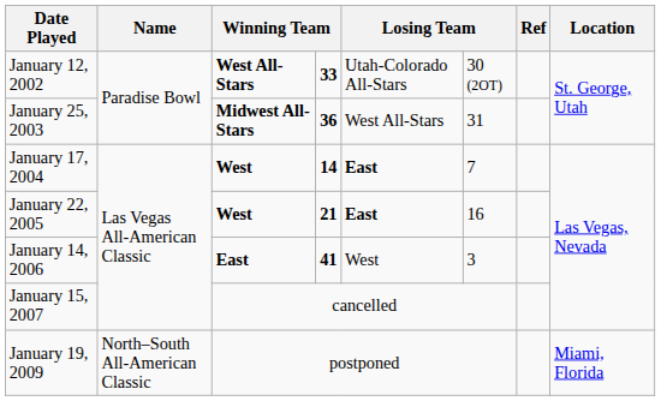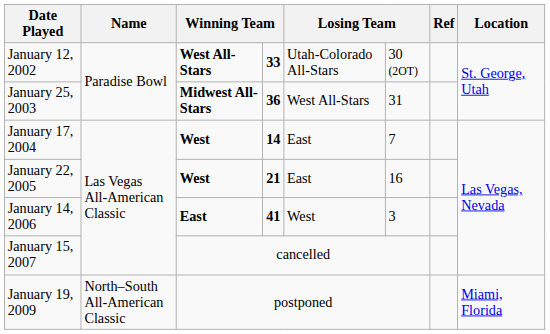 <table class="wikitable">
 <tr>
 <th>Date Played</th>
 <th>Name</th>
 <th colspan="2">Winning Team</th>
 <th colspan="2">Losing Team</th>
 <th>Ref</th>
 <th>Location</th>
 </tr>
 <tr>
 <td>January 12, 2002</td>
 <td rowspan=2>Paradise Bowl</td>
 <td><strong>West All-Stars</strong></td>
 <td><strong>33</strong></td>
 <td>Utah-Colorado All-Stars</td>
 <td>30 <small>(2OT)</small></td>
 <td></td>
 <td rowspan=2><a href='#'>St. George, Utah</a></td>
 </tr>
 <tr>
 <td>January 25, 2003</td>
 <td><strong>Midwest All-Stars</strong></td>
 <td><strong>36</strong></td>
 <td>West All-Stars</td>
 <td>31</td>
 <td></td>
 </tr>
 <tr>
 <td>January 17, 2004</td>
 <td rowspan=4>Las Vegas<br> All-American Classic</td>
 <td><strong>West</strong></td>
 <td><strong>14</strong></td>
-<td><strong>East</strong></td>
+<td>East</td>
 <td>7</td>
 <td></td>
 <td rowspan=4><a href='#'>Las Vegas, Nevada</a></td>
 </tr>
 <tr>
 <td>January 22, 2005</td>
 <td><strong>West</strong></td>
 <td><strong>21</strong></td>
-<td><strong>East</strong></td>
+<td>East</td>
 <td>16</td>
 <td></td>
 </tr>
 <tr>
 <td>January 14, 2006</td>
 <td><strong>East</strong></td>
 <td><strong>41</strong></td>
 <td>West</td>
 <td>3</td>
 <td></td>
 </tr>
 <tr>
 <td>January 15, 2007</td>
 <td colspan=4 style="text-align:center;">cancelled</td>
 <td></td>
 </tr>
 <tr>
 <td>January 19, 2009</td>
 <td>North–South<br>All-American Classic</td>
 <td colspan=4 style="text-align:center;">postponed</td>
 <td></td>
 <td><a href='#'>Miami, Florida</a></td>
 </tr>
 </table>
